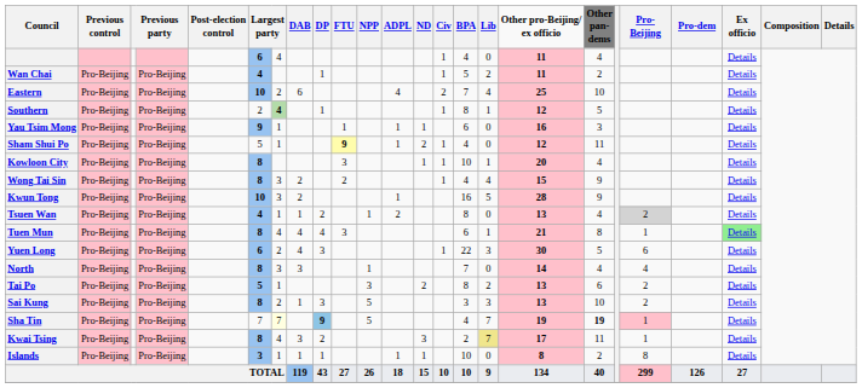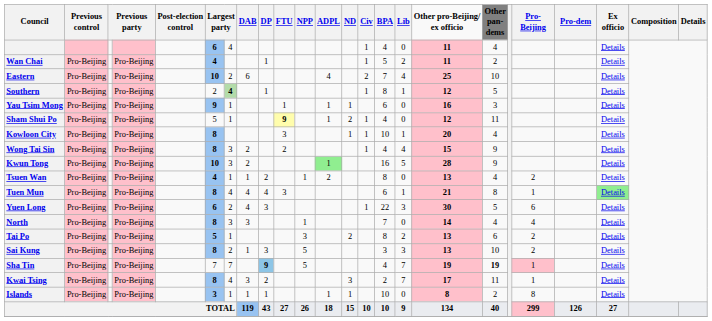 <table class="wikitable" style="text-align:center;font-size:75%">
 <tr>
 <th>Council</th>
 <th>Previous<br>control</th>
 <th colspan=2>Previous<br>party</th>
 <th>Post-election<br>control</th>
 <th colspan=2>Largest<br>party</th>
 <th class="unsortable" style="background:"><a href='#'><span>DAB</span></a></th>
 <th class="unsortable" style="background:"><a href='#'><span>DP</span></a></th>
 <th class="unsortable" style="background:"><a href='#'><span>FTU</span></a></th>
 <th class="unsortable" style="background:"><a href='#'><span>NPP</span></a></th>
 <th class="unsortable" style="background:"><a href='#'><span>ADPL</span></a></th>
 <th class="unsortable" style="background:"><a href='#'><span>ND</span></a></th>
 <th class="unsortable" style="background:"><a href='#'><span>Civ</span></a></th>
 <th class="unsortable" style="background:"><a href='#'><span>BPA</span></a></th>
 <th class="unsortable" style="background:"><a href='#'><span>Lib</span></a></th>
 <td><strong>Other pro-Beijing/</strong><br><strong>ex officio</strong></td>
 <td class="unsortable" style="background:gray; width:30px;"><strong>Other pan-dems</strong></td>
 <th rowspan="20" class="unsortable"></th>
 <th class="unsortable" style="width:55px;"><a href='#'>Pro-Beijing</a></th>
 <th class="unsortable" style="width:55px;"><a href='#'>Pro-dem</a></th>
 <th class="unsortable" style="width:40px;">Ex officio</th>
 <th class="unsortable">Composition</th>
 <th class="unsortable">Details</th>
 </tr>
 <tr>
 <th scope="row" style="text-align: left;"></th>
 <td style="background-color:Pink"></td>
 <td></td>
 <td style="background-color:Pink"></td>
 <td></td>
 <td bgcolor=#98c3f1><strong>6</strong></td>
 <td>4</td>
 <td></td>
 <td></td>
 <td></td>
 <td></td>
 <td></td>
 <td></td>
 <td>1</td>
 <td>4</td>
 <td>0</td>
 <td bgcolor="pink"><strong>11</strong></td>
 <td>4</td>
 <td></td>
 <td></td>
 <td><a href='#'>Details</a></td>
 </tr>
 <tr>
 <th scope="row" style="text-align: left;"><a href='#'>Wan Chai</a></th>
 <td style="background-color:Pink">Pro-Beijing</td>
 <td></td>
 <td style="background-color:Pink">Pro-Beijing</td>
 <td></td>
 <td bgcolor=#98c3f1><strong>4</strong></td>
 <td></td>
 <td></td>
 <td>1</td>
 <td></td>
 <td></td>
 <td></td>
 <td></td>
 <td>1</td>
 <td>5</td>
 <td>2</td>
 <td bgcolor="Pink"><strong>11</strong></td>
 <td>2</td>
 <td></td>
 <td></td>
 <td><a href='#'>Details</a></td>
 </tr>
 <tr>
 <th scope="row" style="text-align: left;"><a href='#'>Eastern</a></th>
 <td style="background-color:Pink">Pro-Beijing</td>
 <td></td>
 <td style="background-color:Pink">Pro-Beijing</td>
 <td></td>
 <td bgcolor=#98c3f1><strong>10</strong></td>
 <td>2</td>
 <td>6</td>
 <td></td>
 <td></td>
 <td></td>
 <td>4</td>
 <td></td>
 <td>2</td>
 <td>7</td>
 <td>4</td>
 <td bgcolor="Pink"><strong>25</strong></td>
 <td>10</td>
 <td></td>
 <td></td>
 <td><a href='#'>Details</a></td>
 </tr>
 <tr>
 <th scope="row" style="text-align: left;"><a href='#'>Southern</a></th>
 <td style="background-color:Pink">Pro-Beijing</td>
 <td></td>
 <td style="background-color:Pink">Pro-Beijing</td>
 <td></td>
 <td>2</td>
 <td bgcolor=#b3dba9><strong>4</strong></td>
 <td></td>
 <td>1</td>
 <td></td>
 <td></td>
 <td></td>
 <td></td>
 <td>1</td>
 <td>8</td>
 <td>1</td>
 <td bgcolor="Pink"><strong>12</strong></td>
 <td>5</td>
 <td></td>
 <td></td>
 <td><a href='#'>Details</a></td>
 </tr>
 <tr>
 <th scope="row" style="text-align: left;"><a href='#'>Yau Tsim Mong</a></th>
 <td style="background-color:Pink">Pro-Beijing</td>
 <td></td>
 <td style="background-color:Pink">Pro-Beijing</td>
 <td></td>
 <td bgcolor=#98c3f1><strong>9</strong></td>
 <td>1</td>
 <td></td>
 <td></td>
 <td>1</td>
 <td></td>
 <td>1</td>
 <td>1</td>
 <td></td>
 <td>6</td>
 <td>0</td>
 <td bgcolor="Pink"><strong>16</strong></td>
 <td>3</td>
 <td></td>
 <td></td>
 <td><a href='#'>Details</a></td>
 </tr>
 <tr>
 <th scope="row" style="text-align: left;"><a href='#'>Sham Shui Po</a></th>
 <td style="background-color:Pink">Pro-Beijing</td>
 <td></td>
 <td style="background-color:Pink">Pro-Beijing</td>
 <td></td>
 <td>5</td>
 <td>1</td>
 <td></td>
 <td></td>
 <td bgcolor=#fffdac><strong>9</strong></td>
 <td></td>
 <td>1</td>
 <td>2</td>
 <td>1</td>
 <td>4</td>
 <td>0</td>
 <td bgcolor="Pink"><strong>12</strong></td>
 <td>11</td>
 <td></td>
 <td></td>
 <td><a href='#'>Details</a></td>
 </tr>
 <tr>
 <th scope="row" style="text-align: left;"><a href='#'>Kowloon City</a></th>
 <td style="background-color:Pink">Pro-Beijing</td>
 <td></td>
 <td style="background-color:Pink">Pro-Beijing</td>
 <td></td>
 <td bgcolor=#98c3f1><strong>8</strong></td>
 <td></td>
 <td></td>
 <td></td>
 <td>3</td>
 <td></td>
 <td></td>
 <td>1</td>
 <td>1</td>
 <td>10</td>
 <td>1</td>
 <td bgcolor="Pink"><strong>20</strong></td>
 <td>4</td>
 <td></td>
 <td></td>
 <td><a href='#'>Details</a></td>
 </tr>
 <tr>
 <th scope="row" style="text-align: left;"><a href='#'>Wong Tai Sin</a></th>
 <td style="background-color:Pink">Pro-Beijing</td>
 <td></td>
 <td style="background-color:Pink">Pro-Beijing</td>
 <td></td>
 <td bgcolor=#98c3f1><strong>8</strong></td>
 <td>3</td>
 <td>2</td>
 <td></td>
 <td>2</td>
 <td></td>
 <td></td>
 <td></td>
 <td>1</td>
 <td>4</td>
 <td>4</td>
 <td bgcolor="Pink"><strong>15</strong></td>
 <td>9</td>
 <td></td>
 <td></td>
 <td><a href='#'>Details</a></td>
 </tr>
 <tr>
 <th scope="row" style="text-align: left;"><a href='#'>Kwun Tong</a></th>
 <td style="background-color:Pink">Pro-Beijing</td>
 <td></td>
 <td style="background-color:Pink">Pro-Beijing</td>
 <td></td>
 <td bgcolor=#98c3f1><strong>10</strong></td>
 <td>3</td>
 <td>2</td>
 <td></td>
 <td></td>
 <td></td>
-<td>1</td>
+<td style="background: lightgreen;">1</td>
 <td></td>
 <td></td>
 <td>16</td>
 <td>5</td>
 <td bgcolor="Pink"><strong>28</strong></td>
 <td>9</td>
 <td></td>
 <td></td>
 <td><a href='#'>Details</a></td>
 </tr>
 <tr>
 <th scope="row" style="text-align: left;"><a href='#'>Tsuen Wan</a></th>
 <td style="background-color:Pink">Pro-Beijing</td>
 <td></td>
 <td style="background-color:Pink">Pro-Beijing</td>
 <td></td>
 <td bgcolor=#98c3f1><strong>4</strong></td>
 <td>1</td>
 <td>1</td>
 <td>2</td>
 <td></td>
 <td>1</td>
 <td>2</td>
 <td></td>
 <td></td>
 <td>8</td>
 <td>0</td>
 <td bgcolor="Pink"><strong>13</strong></td>
 <td>4</td>
-<td style="background: lightgrey;">2</td>
+<td>2</td>
 <td></td>
 <td><a href='#'>Details</a></td>
 </tr>
 <tr>
 <th scope="row" style="text-align: left;"><a href='#'>Tuen Mun</a></th>
 <td style="background-color:Pink">Pro-Beijing</td>
 <td></td>
 <td style="background-color:Pink">Pro-Beijing</td>
 <td></td>
 <td bgcolor=#98c3f1><strong>8</strong></td>
 <td>4</td>
 <td>4</td>
 <td>4</td>
 <td>3</td>
 <td></td>
 <td></td>
 <td></td>
 <td></td>
 <td>6</td>
 <td>1</td>
 <td bgcolor="Pink"><strong>21</strong></td>
 <td>8</td>
 <td>1</td>
 <td></td>
 <td style="background: lightgreen;"><a href='#'>Details</a></td>
 </tr>
 <tr>
 <th scope="row" style="text-align: left;"><a href='#'>Yuen Long</a></th>
 <td style="background-color:Pink">Pro-Beijing</td>
 <td></td>
 <td style="background-color:Pink">Pro-Beijing</td>
 <td></td>
 <td bgcolor=#98c3f1><strong>6</strong></td>
 <td>2</td>
 <td>4</td>
 <td>3</td>
 <td></td>
 <td></td>
 <td></td>
 <td></td>
 <td>1</td>
 <td>22</td>
 <td>3</td>
 <td bgcolor="Pink"><strong>30</strong></td>
 <td>5</td>
 <td>6</td>
 <td></td>
 <td><a href='#'>Details</a></td>
 </tr>
 <tr>
 <th scope="row" style="text-align: left;"><a href='#'>North</a></th>
 <td style="background-color:Pink">Pro-Beijing</td>
 <td></td>
 <td style="background-color:Pink">Pro-Beijing</td>
 <td></td>
 <td bgcolor=#98c3f1><strong>8</strong></td>
 <td>3</td>
 <td>3</td>
 <td></td>
 <td></td>
 <td>1</td>
 <td></td>
 <td></td>
 <td></td>
 <td>7</td>
 <td>0</td>
 <td bgcolor="Pink"><strong>14</strong></td>
 <td>4</td>
 <td>4</td>
 <td></td>
 <td><a href='#'>Details</a></td>
 </tr>
 <tr>
 <th scope="row" style="text-align: left;"><a href='#'>Tai Po</a></th>
 <td style="background-color:Pink">Pro-Beijing</td>
 <td></td>
 <td style="background-color:Pink">Pro-Beijing</td>
 <td></td>
 <td bgcolor=#98c3f1><strong>5</strong></td>
 <td>1</td>
 <td></td>
 <td></td>
 <td></td>
 <td>3</td>
 <td></td>
 <td>2</td>
 <td></td>
 <td>8</td>
 <td>2</td>
 <td bgcolor="Pink"><strong>13</strong></td>
 <td>6</td>
 <td>2</td>
 <td></td>
 <td><a href='#'>Details</a></td>
 </tr>
 <tr>
 <th scope="row" style="text-align: left;"><a href='#'>Sai Kung</a></th>
 <td style="background-color:Pink">Pro-Beijing</td>
 <td></td>
 <td style="background-color:Pink">Pro-Beijing</td>
 <td></td>
 <td bgcolor=#98c3f1><strong>8</strong></td>
 <td>2</td>
 <td>1</td>
 <td>3</td>
 <td></td>
 <td>5</td>
 <td></td>
 <td></td>
 <td></td>
 <td>3</td>
 <td>3</td>
 <td bgcolor="Pink"><strong>13</strong></td>
 <td>10</td>
 <td>2</td>
 <td></td>
 <td><a href='#'>Details</a></td>
 </tr>
 <tr>
 <th scope="row" style="text-align: left;"><a href='#'>Sha Tin</a></th>
 <td style="background-color:Pink">Pro-Beijing</td>
 <td></td>
 <td style="background-color:Pink">Pro-Beijing</td>
 <td></td>
 <td>7</td>
-<td style="background: lightyellow;">7</td>
+<td>7</td>
 <td></td>
 <td bgcolor=#8dc5e6><strong>9</strong></td>
 <td></td>
 <td>5</td>
 <td></td>
 <td></td>
 <td></td>
 <td>4</td>
 <td>7</td>
 <td bgcolor="pink"><strong>19</strong></td>
 <td><strong>19</strong></td>
 <td bgcolor=pink>1</td>
 <td></td>
 <td><a href='#'>Details</a></td>
 </tr>
 <tr>
 <th scope="row" style="text-align: left;"><a href='#'>Kwai Tsing</a></th>
 <td style="background-color:Pink">Pro-Beijing</td>
 <td></td>
 <td style="background-color:Pink">Pro-Beijing</td>
 <td></td>
 <td bgcolor=#98c3f1><strong>8</strong></td>
 <td>4</td>
 <td>3</td>
 <td>2</td>
 <td></td>
 <td></td>
 <td></td>
 <td>3</td>
 <td></td>
 <td>2</td>
-<td style="background: khaki;">7</td>
+<td>7</td>
 <td bgcolor="Pink"><strong>17</strong></td>
 <td>11</td>
 <td>1</td>
 <td></td>
 <td><a href='#'>Details</a></td>
 </tr>
 <tr>
 <th scope="row" style="text-align: left;"><a href='#'>Islands</a></th>
 <td style="background-color:Pink">Pro-Beijing</td>
 <td></td>
 <td style="background-color:Pink">Pro-Beijing</td>
 <td></td>
 <td bgcolor=#98c3f1><strong>3</strong></td>
 <td>1</td>
 <td>1</td>
 <td>1</td>
 <td></td>
 <td></td>
 <td>1</td>
 <td>1</td>
 <td></td>
 <td>10</td>
 <td>0</td>
 <td bgcolor="Pink"><strong>8</strong></td>
 <td>2</td>
 <td>8</td>
 <td></td>
 <td><a href='#'>Details</a></td>
 </tr>
 <tr bgcolor=#EAECF0>
 <th scope="row" style="text-align: right;" colspan=7>TOTAL</th>
 <td bgcolor=#98c3f1><strong>119</strong></td>
 <td><strong>43</strong></td>
 <td><strong>27</strong></td>
 <td><strong>26</strong></td>
 <td><strong>18</strong></td>
 <td><strong>15</strong></td>
 <td><strong>10</strong></td>
 <td><strong>10</strong></td>
 <td><strong>9</strong></td>
 <td><strong>134</strong></td>
 <td><strong>40</strong></td>
 <td bgcolor="Pink"><strong>299</strong></td>
 <td><strong>126</strong></td>
 <td><strong>27</strong></td>
 <td></td>
 <td></td>
 </tr>
 <tr>
 </tr>
 </table>
